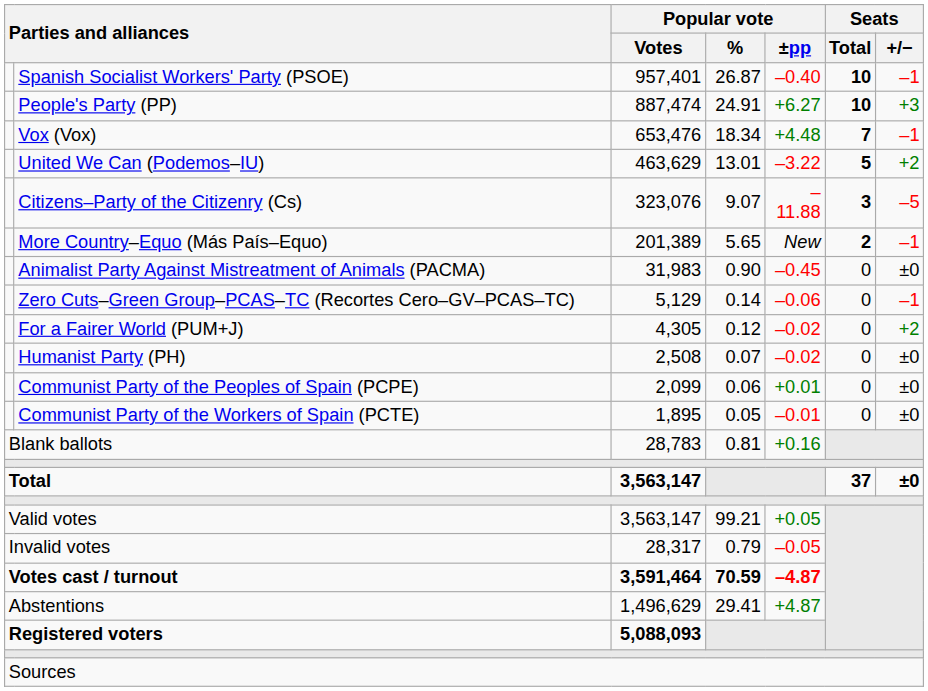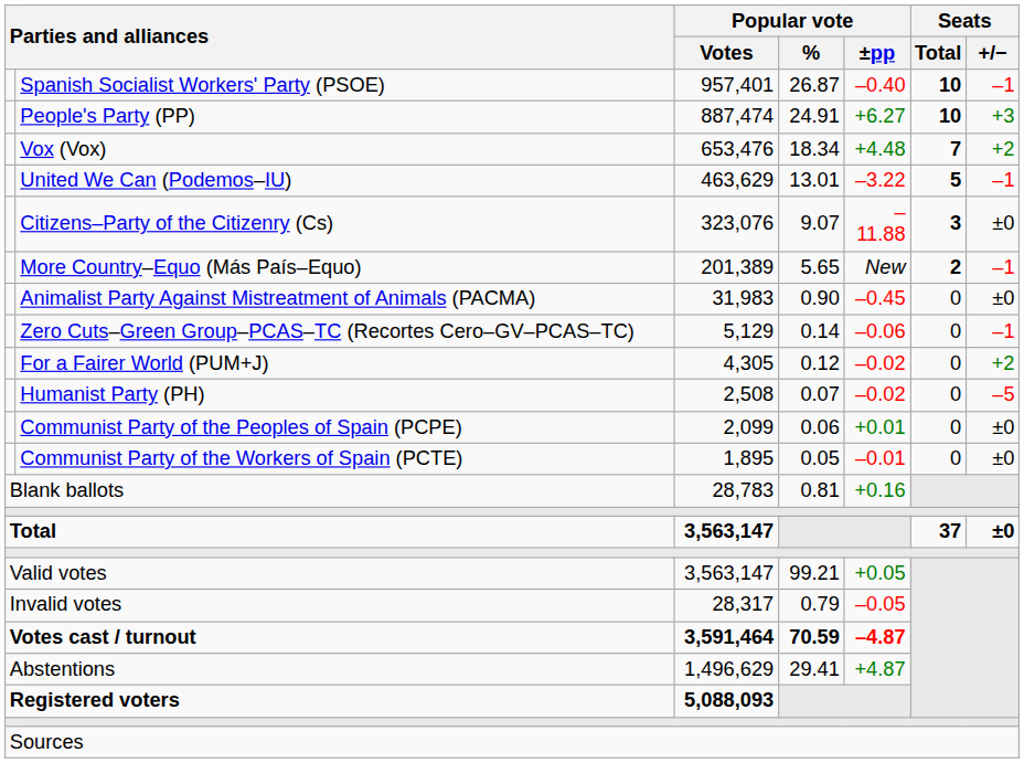 <table class="wikitable" style="text-align:right;">
 <tr>
 <th style="text-align:left;" rowspan="2" colspan="2" width="525">Parties and alliances</th>
 <th colspan="3">Popular vote</th>
 <th colspan="2">Seats</th>
 </tr>
 <tr>
 <th width="75">Votes</th>
 <th width="45">%</th>
 <th width="45">±<a href='#'>pp</a></th>
 <th width="35">Total</th>
 <th width="35">+/−</th>
 </tr>
 <tr>
 <td width="1" style="color:inherit;background:"></td>
 <td align="left"><a href='#'>Spanish Socialist Workers' Party</a> (PSOE)</td>
 <td>957,401</td>
 <td>26.87</td>
 <td style="color:red;">–0.40</td>
 <td><strong>10</strong></td>
 <td style="color:red;">–1</td>
 </tr>
 <tr>
 <td style="color:inherit;background:"></td>
 <td align="left"><a href='#'>People's Party</a> (PP)</td>
 <td>887,474</td>
 <td>24.91</td>
 <td style="color:green;">+6.27</td>
 <td><strong>10</strong></td>
 <td style="color:green;">+3</td>
 </tr>
 <tr>
 <td style="color:inherit;background:"></td>
 <td align="left"><a href='#'>Vox</a> (Vox)</td>
 <td>653,476</td>
 <td>18.34</td>
 <td style="color:green;">+4.48</td>
 <td><strong>7</strong></td>
-<td style="color:red;">–1</td>
+<td style="color:green;">+2</td>
 </tr>
 <tr>
 <td style="color:inherit;background:"></td>
 <td align="left"><a href='#'>United We Can</a> (<a href='#'>Podemos</a>–<a href='#'>IU</a>)</td>
 <td>463,629</td>
 <td>13.01</td>
 <td style="color:red;">–3.22</td>
 <td><strong>5</strong></td>
-<td style="color:green;">+2</td>
+<td style="color:red;">–1</td>
 </tr>
 <tr>
 <td style="color:inherit;background:"></td>
 <td align="left"><a href='#'>Citizens–Party of the Citizenry</a> (Cs)</td>
 <td>323,076</td>
 <td>9.07</td>
 <td style="color:red;">–11.88</td>
 <td><strong>3</strong></td>
-<td style="color:red;">–5</td>
+<td>±0</td>
 </tr>
 <tr>
 <td style="color:inherit;background:"></td>
 <td align="left"><a href='#'>More Country</a>–<a href='#'>Equo</a> (Más País–Equo)</td>
 <td>201,389</td>
 <td>5.65</td>
 <td><em>New</em></td>
 <td><strong>2</strong></td>
 <td style="color:red;">–1</td>
 </tr>
 <tr>
 <td style="color:inherit;background:"></td>
 <td align="left"><a href='#'>Animalist Party Against Mistreatment of Animals</a> (PACMA)</td>
 <td>31,983</td>
 <td>0.90</td>
 <td style="color:red;">–0.45</td>
 <td>0</td>
 <td>±0</td>
 </tr>
 <tr>
 <td style="color:inherit;background:"></td>
 <td align="left"><a href='#'>Zero Cuts</a>–<a href='#'>Green Group</a>–<a href='#'>PCAS</a>–<a href='#'>TC</a> (Recortes Cero–GV–PCAS–TC)</td>
 <td>5,129</td>
 <td>0.14</td>
 <td style="color:red;">–0.06</td>
 <td>0</td>
 <td style="color:red;">–1</td>
 </tr>
 <tr>
 <td style="color:inherit;background:"></td>
 <td align="left"><a href='#'>For a Fairer World</a> (PUM+J)</td>
 <td>4,305</td>
 <td>0.12</td>
 <td style="color:red;">–0.02</td>
 <td>0</td>
 <td style="color:green;">+2</td>
 </tr>
 <tr>
 <td style="color:inherit;background:"></td>
 <td align="left"><a href='#'>Humanist Party</a> (PH)</td>
 <td>2,508</td>
 <td>0.07</td>
 <td style="color:red;">–0.02</td>
 <td>0</td>
-<td>±0</td>
+<td style="color:red;">–5</td>
 </tr>
 <tr>
 <td style="color:inherit;background:"></td>
 <td align="left"><a href='#'>Communist Party of the Peoples of Spain</a> (PCPE)</td>
 <td>2,099</td>
 <td>0.06</td>
 <td style="color:green;">+0.01</td>
 <td>0</td>
 <td>±0</td>
 </tr>
 <tr>
 <td style="color:inherit;background:"></td>
 <td align="left"><a href='#'>Communist Party of the Workers of Spain</a> (PCTE)</td>
 <td>1,895</td>
 <td>0.05</td>
 <td style="color:red;">–0.01</td>
 <td>0</td>
 <td>±0</td>
 </tr>
 <tr>
 <td align="left" colspan="2">Blank ballots</td>
 <td>28,783</td>
 <td>0.81</td>
 <td style="color:green;">+0.16</td>
 <td bgcolor="#E9E9E9" colspan="2"></td>
 </tr>
 <tr>
 <td colspan="7" bgcolor="#E9E9E9"></td>
 </tr>
 <tr style="font-weight:bold;">
 <td align="left" colspan="2">Total</td>
 <td>3,563,147</td>
 <td bgcolor="#E9E9E9" colspan="2"></td>
 <td>37</td>
 <td>±0</td>
 </tr>
 <tr>
 <td colspan="7" bgcolor="#E9E9E9"></td>
 </tr>
 <tr>
 <td align="left" colspan="2">Valid votes</td>
 <td>3,563,147</td>
 <td>99.21</td>
 <td style="color:green;">+0.05</td>
 <td bgcolor="#E9E9E9" colspan="2" rowspan="5"></td>
 </tr>
 <tr>
 <td align="left" colspan="2">Invalid votes</td>
 <td>28,317</td>
 <td>0.79</td>
 <td style="color:red;">–0.05</td>
 </tr>
 <tr style="font-weight:bold;">
 <td align="left" colspan="2">Votes cast / turnout</td>
 <td>3,591,464</td>
 <td>70.59</td>
 <td style="color:red;">–4.87</td>
 </tr>
 <tr>
 <td align="left" colspan="2">Abstentions</td>
 <td>1,496,629</td>
 <td>29.41</td>
 <td style="color:green;">+4.87</td>
 </tr>
 <tr style="font-weight:bold;">
 <td align="left" colspan="2">Registered voters</td>
 <td>5,088,093</td>
 <td bgcolor="#E9E9E9" colspan="2"></td>
 </tr>
 <tr>
 <td colspan="7" bgcolor="#E9E9E9"></td>
 </tr>
 <tr>
 <td align="left" colspan="7">Sources</td>
 </tr>
 </table>
